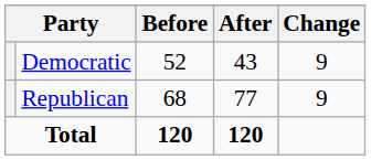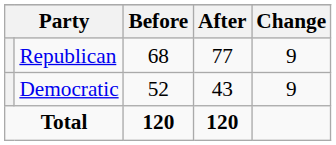 <table class="wikitable" style="text-align:center;">
 <tr>
 </tr>
 <tr>
 <th colspan=2>Party</th>
 <th>Before</th>
 <th>After</th>
 <th>Change</th>
 </tr>
 <tr>
 <th style="background-color:"></th>
-<td style="text-align:left;"><a href='#'>Democratic</a></td>
-<td>52</td>
-<td>43</td>
+<td style="text-align:left;"><a href='#'>Republican</a></td>
+<td>68</td>
+<td>77</td>
 <td> 9</td>
 </tr>
 <tr>
 <th style="background-color:"></th>
-<td style="text-align:left;"><a href='#'>Republican</a></td>
-<td>68</td>
-<td>77</td>
+<td style="text-align:left;"><a href='#'>Democratic</a></td>
+<td>52</td>
+<td>43</td>
 <td> 9</td>
 </tr>
 <tr>
 <td colspan=2><strong>Total</strong></td>
 <td><strong>120</strong></td>
 <td><strong>120</strong></td>
 <td></td>
 </tr>
 </table>
